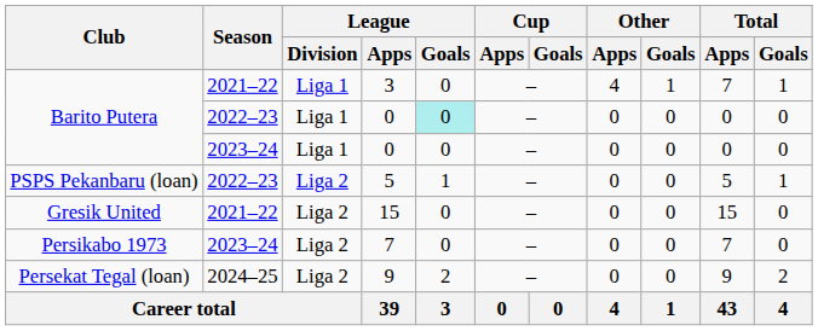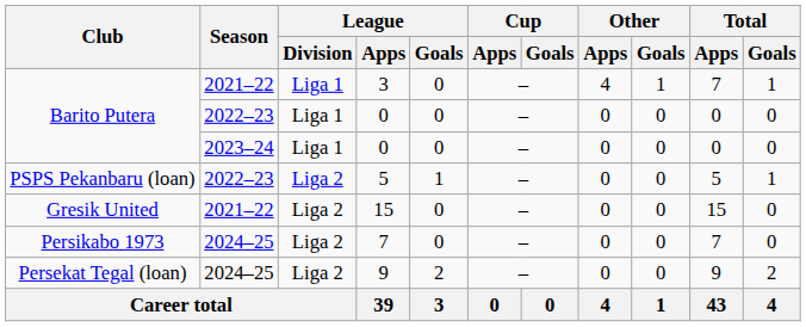 <table class="wikitable" style="text-align: center">
 <tr>
 <th rowspan="2">Club</th>
 <th rowspan="2">Season</th>
 <th colspan="3">League</th>
 <th colspan="2">Cup</th>
 <th colspan="2">Other</th>
 <th colspan="2">Total</th>
 </tr>
 <tr>
 <th>Division</th>
 <th>Apps</th>
 <th>Goals</th>
 <th>Apps</th>
 <th>Goals</th>
 <th>Apps</th>
 <th>Goals</th>
 <th>Apps</th>
 <th>Goals</th>
 </tr>
 <tr>
 <td rowspan="3"><a href='#'>Barito Putera</a></td>
 <td><a href='#'>2021–22</a></td>
 <td rowspan="1" valign="center"><a href='#'>Liga 1</a></td>
 <td>3</td>
 <td>0</td>
 <td colspan="2">–</td>
 <td>4</td>
 <td>1</td>
 <td>7</td>
 <td>1</td>
 </tr>
 <tr>
 <td><a href='#'>2022–23</a></td>
 <td rowspan="1" valign="center">Liga 1</td>
 <td>0</td>
-<td style="background: paleturquoise;">0</td>
+<td>0</td>
 <td colspan="2">–</td>
 <td>0</td>
 <td>0</td>
 <td>0</td>
 <td>0</td>
 </tr>
 <tr>
 <td><a href='#'>2023–24</a></td>
 <td rowspan="1" valign="center">Liga 1</td>
 <td>0</td>
 <td>0</td>
 <td colspan="2">–</td>
 <td>0</td>
 <td>0</td>
 <td>0</td>
 <td>0</td>
 </tr>
 <tr>
 <td rowspan="1"><a href='#'>PSPS Pekanbaru</a> (loan)</td>
 <td><a href='#'>2022–23</a></td>
 <td rowspan="1" valign="center"><a href='#'>Liga 2</a></td>
 <td>5</td>
 <td>1</td>
 <td colspan="2">–</td>
 <td>0</td>
 <td>0</td>
 <td>5</td>
 <td>1</td>
 </tr>
 <tr>
 <td><a href='#'>Gresik United</a></td>
 <td><a href='#'>2021–22</a></td>
 <td rowspan="1" valign="center">Liga 2</td>
 <td>15</td>
 <td>0</td>
 <td colspan="2">–</td>
 <td>0</td>
 <td>0</td>
 <td>15</td>
 <td>0</td>
 </tr>
 <tr>
 <td><a href='#'>Persikabo 1973</a></td>
-<td><a href='#'>2023–24</a></td>
+<td><a href='#'>2024–25</a></td>
 <td>Liga 2</td>
 <td>7</td>
 <td>0</td>
 <td colspan="2">–</td>
 <td>0</td>
 <td>0</td>
 <td>7</td>
 <td>0</td>
 </tr>
 <tr>
 <td rowspan="1"><a href='#'>Persekat Tegal</a> (loan)</td>
 <td>2024–25</td>
 <td>Liga 2</td>
 <td>9</td>
 <td>2</td>
 <td colspan="2">–</td>
 <td>0</td>
 <td>0</td>
 <td>9</td>
 <td>2</td>
 </tr>
 <tr>
 <th colspan=3>Career total</th>
 <th>39</th>
 <th>3</th>
 <th>0</th>
 <th>0</th>
 <th>4</th>
 <th>1</th>
 <th>43</th>
 <th>4</th>
 </tr>
 </table>
